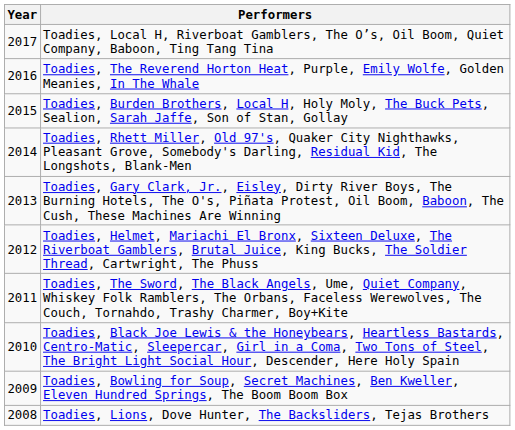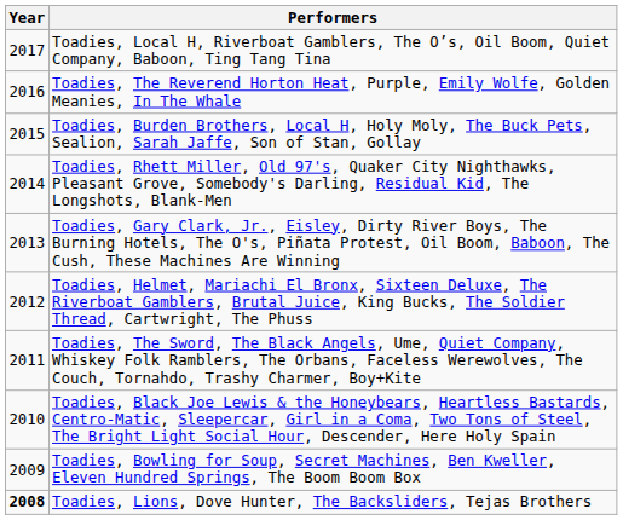 <table class="wikitable" style="width: 400pt;">
 <tr>
 <th>Year</th>
 <th>Performers</th>
 </tr>
 <tr>
 <td>2017</td>
 <td>Toadies, Local H, Riverboat Gamblers, The O’s, Oil Boom, Quiet Company, Baboon, Ting Tang Tina</td>
 </tr>
 <tr>
 <td>2016</td>
 <td><a href='#'>Toadies</a>, <a href='#'>The Reverend Horton Heat</a>, Purple, <a href='#'>Emily Wolfe</a>, Golden Meanies, <a href='#'>In The Whale</a></td>
 </tr>
 <tr>
 <td>2015</td>
 <td><a href='#'>Toadies</a>, <a href='#'>Burden Brothers</a>, <a href='#'>Local H</a>, Holy Moly, <a href='#'>The Buck Pets</a>, Sealion, <a href='#'>Sarah Jaffe</a>, Son of Stan, Gollay</td>
 </tr>
 <tr>
 <td>2014</td>
 <td><a href='#'>Toadies</a>, <a href='#'>Rhett Miller</a>, <a href='#'>Old 97's</a>, Quaker City Nighthawks, Pleasant Grove, Somebody's Darling, <a href='#'>Residual Kid</a>, The Longshots, Blank-Men</td>
 </tr>
 <tr>
 <td>2013</td>
 <td><a href='#'>Toadies</a>, <a href='#'>Gary Clark, Jr.</a>, <a href='#'>Eisley</a>, Dirty River Boys, The Burning Hotels, The O's, Piñata Protest, Oil Boom, <a href='#'>Baboon</a>, The Cush, These Machines Are Winning</td>
 </tr>
 <tr>
 <td>2012</td>
 <td><a href='#'>Toadies</a>,  <a href='#'>Helmet</a>, <a href='#'>Mariachi El Bronx</a>, <a href='#'>Sixteen Deluxe</a>, <a href='#'>The Riverboat Gamblers</a>, <a href='#'>Brutal Juice</a>, King Bucks, <a href='#'>The Soldier Thread</a>, Cartwright, The Phuss</td>
 </tr>
 <tr>
 <td>2011</td>
 <td><a href='#'>Toadies</a>, <a href='#'>The Sword</a>, <a href='#'>The Black Angels</a>, Ume, <a href='#'>Quiet Company</a>, Whiskey Folk Ramblers, The Orbans, Faceless Werewolves, The Couch, Tornahdo, Trashy Charmer, Boy+Kite</td>
 </tr>
 <tr>
 <td>2010</td>
 <td><a href='#'>Toadies</a>, <a href='#'>Black Joe Lewis & the Honeybears</a>, <a href='#'>Heartless Bastards</a>, <a href='#'>Centro-Matic</a>, <a href='#'>Sleepercar</a>, <a href='#'>Girl in a Coma</a>, <a href='#'>Two Tons of Steel</a>, <a href='#'>The Bright Light Social Hour</a>, Descender, Here Holy Spain</td>
 </tr>
 <tr>
 <td>2009</td>
 <td><a href='#'>Toadies</a>, <a href='#'>Bowling for Soup</a>, <a href='#'>Secret Machines</a>, <a href='#'>Ben Kweller</a>, <a href='#'>Eleven Hundred Springs</a>, The Boom Boom Box</td>
 </tr>
 <tr>
-<td>2008</td>
+<td><strong>2008</strong></td>
 <td><a href='#'>Toadies</a>, <a href='#'> Lions</a>, Dove Hunter, <a href='#'>The Backsliders</a>, Tejas Brothers</td>
 </tr>
 </table>
